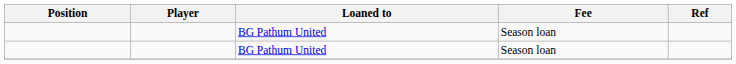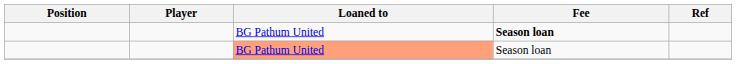 <table class="wikitable sortable" style="width:80%; text-align:center; font-size:100%; text-align:left;">
 <tr>
 <th><strong>Position</strong></th>
 <th><strong>Player</strong></th>
 <th><strong>Loaned to</strong></th>
 <th><strong>Fee</strong></th>
 <th><strong>Ref</strong></th>
 </tr>
 <tr>
 <td></td>
 <td></td>
 <td> <a href='#'>BG Pathum United</a></td>
-<td>Season loan</td>
+<td><strong>Season loan</strong></td>
 <td> </td>
 </tr>
 <tr>
 <td></td>
 <td></td>
-<td> <a href='#'>BG Pathum United</a></td>
+<td style="background: lightsalmon;"> <a href='#'>BG Pathum United</a></td>
 <td>Season loan</td>
 <td> </td>
 </tr>
 <tr>
 </tr>
 </table>
